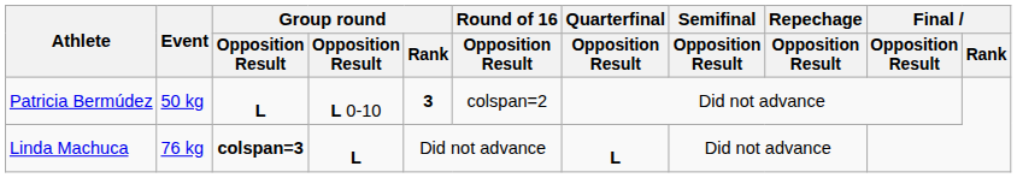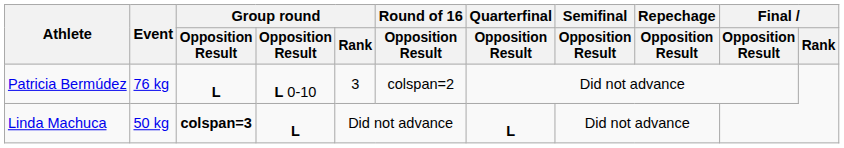 <table class=wikitable style=font-size:90%;text-align:center>
 <tr>
 <th rowspan=2>Athlete</th>
 <th rowspan=2>Event</th>
 <th colspan=3>Group round</th>
 <th>Round of 16</th>
 <th>Quarterfinal</th>
 <th>Semifinal</th>
 <th>Repechage</th>
 <th colspan=2>Final / </th>
 </tr>
 <tr style=font-size:95%>
 <th>Opposition<br>Result</th>
 <th>Opposition<br>Result</th>
 <th>Rank</th>
 <th>Opposition<br>Result</th>
 <th>Opposition<br>Result</th>
 <th>Opposition<br>Result</th>
 <th>Opposition<br>Result</th>
 <th>Opposition<br>Result</th>
 <th>Rank</th>
 </tr>
 <tr>
 <td align=left><a href='#'>Patricia Bermúdez</a></td>
-<td align=left><a href='#'>50 kg</a></td>
+<td align=left><a href='#'>76 kg</a></td>
 <td><br><strong>L</strong> </td>
 <td><br><strong>L</strong> 0-10</td>
-<td><strong>3</strong></td>
+<td>3</td>
 <td>colspan=2 </td>
 <td colspan=4>Did not advance</td>
 </tr>
 <tr>
 <td align=left><a href='#'>Linda Machuca</a></td>
-<td align=left><a href='#'>76 kg</a></td>
+<td align=left><a href='#'>50 kg</a></td>
 <td><strong>colspan=3 </strong></td>
 <td><br><strong>L</strong> </td>
 <td colspan=2>Did not advance</td>
 <td><br><strong>L</strong> </td>
 <td colspan=2>Did not advance</td>
 </tr>
 </table>
